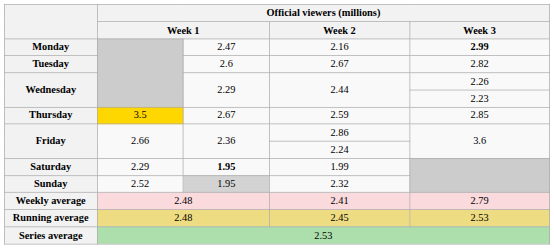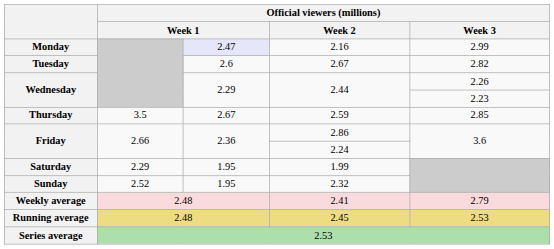 <table class="wikitable" style="font-size:90%; text-align:center; width: 60%; margin-left: auto; margin-right: auto;">
 <tr>
 <th scope="col" rowspan="2" style="width:17%;"></th>
 <th scope=col colspan=4>Official viewers (millions)</th>
 </tr>
 <tr>
 <th colspan=2>Week 1</th>
 <th>Week 2</th>
 <th>Week 3</th>
 </tr>
 <tr>
 <th>Monday</th>
 <td style="background:#ccc;" rowspan="4"></td>
-<td>2.47</td>
+<td style="background: lavender;">2.47</td>
 <td>2.16</td>
-<td><strong>2.99</strong></td>
+<td>2.99</td>
 </tr>
 <tr>
 <th>Tuesday</th>
 <td>2.6</td>
 <td>2.67</td>
 <td>2.82</td>
 </tr>
 <tr>
 <th rowspan="2">Wednesday</th>
 <td rowspan="2">2.29</td>
 <td rowspan="2">2.44</td>
 <td>2.26</td>
 </tr>
 <tr>
 <td>2.23</td>
 </tr>
 <tr>
 <th>Thursday</th>
-<td style="background: gold;">3.5</td>
+<td>3.5</td>
 <td>2.67</td>
 <td>2.59</td>
 <td>2.85</td>
 </tr>
 <tr>
 <th rowspan="2">Friday</th>
 <td rowspan="2">2.66</td>
 <td rowspan="2">2.36</td>
 <td>2.86</td>
 <td rowspan="2">3.6</td>
 </tr>
 <tr>
 <td>2.24</td>
 </tr>
 <tr>
 <th>Saturday</th>
 <td>2.29</td>
-<td><strong>1.95</strong></td>
+<td>1.95</td>
 <td>1.99</td>
 <td style="background:#ccc;" rowspan="2"></td>
 </tr>
 <tr>
 <th>Sunday</th>
 <td>2.52</td>
-<td style="background: lightgrey;">1.95</td>
+<td>1.95</td>
 <td>2.32</td>
 </tr>
 <tr>
 <th>Weekly average</th>
 <td style="background:#FADADD;" colspan="2">2.48</td>
 <td style="background:#FADADD;">2.41</td>
 <td style="background:#FADADD;">2.79</td>
 </tr>
 <tr>
 <th>Running average</th>
 <td style="background:#EEDC82;" colspan="2">2.48</td>
 <td style="background:#EEDC82;">2.45</td>
 <td style="background:#EEDC82;">2.53</td>
 </tr>
 <tr>
 <th>Series average</th>
 <td style="background:#ADDFAD;" colspan="4">2.53</td>
 </tr>
 </table>
